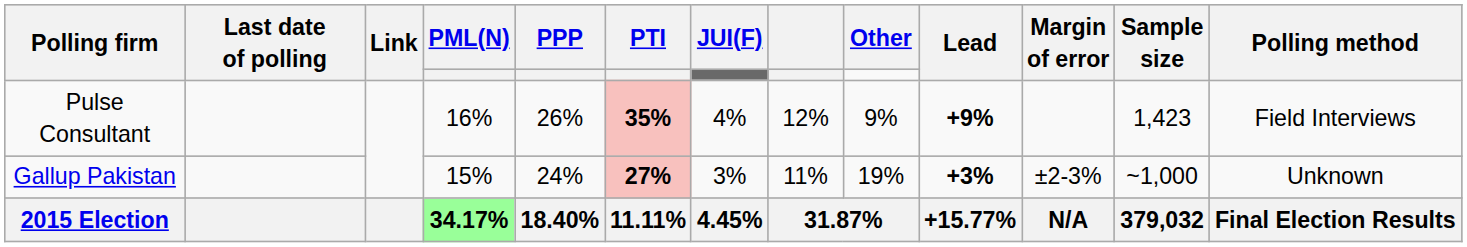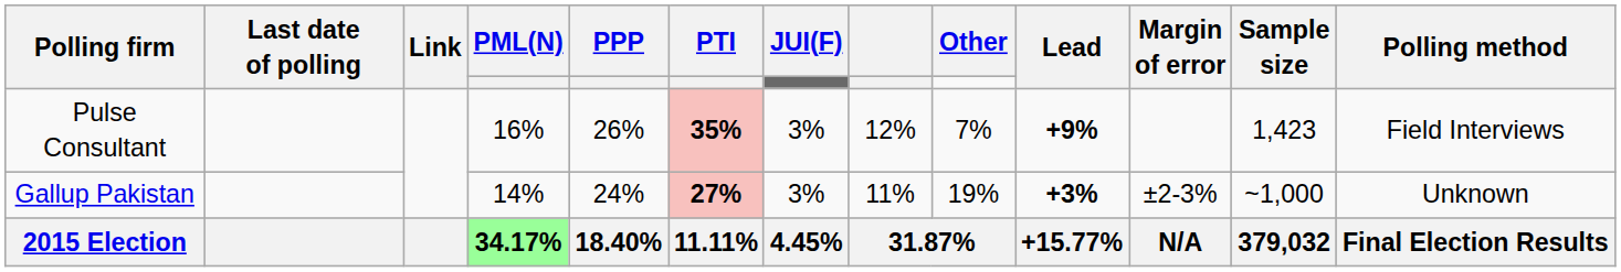 <table class="wikitable sortable" style="text-align:center;font-size:90%;line-height:20px;">
 <tr style="height:40px;">
 <th style="width:105px;" rowspan="2">Polling firm</th>
 <th style="width:105px;" rowspan="2">Last date<br>of polling</th>
 <th rowspan="2">Link</th>
 <th class="unsortable" style="width:40px;"><a href='#'>PML(N)</a></th>
 <th class="unsortable" style="width:40px;"><a href='#'>PPP</a></th>
 <th class="unsortable" style="width:40px;"><a href='#'>PTI</a></th>
 <th class="unsortable" style="width:40px;"><a href='#'>JUI(F)</a></th>
 <th class="unsortable" style="width:40px;"><a href='#'></a></th>
 <th style="width:40px;" class="unsortable"><a href='#'>Other</a></th>
 <th rowspan="2">Lead</th>
 <th rowspan="2">Margin<br>of error</th>
 <th rowspan="2">Sample<br>size</th>
 <th rowspan="2">Polling method</th>
 </tr>
 <tr>
 <th style="background:"></th>
 <th style="background:"></th>
 <th style="background:"></th>
 <th style="background:#696969;" data-sort-type="number"></th>
 <th style="background:"></th>
 </tr>
 <tr>
 <td>Pulse Consultant</td>
 <td></td>
 <td rowspan="2"></td>
 <td>16%</td>
 <td>26%</td>
 <td style="background:rgb(248, 193, 190)"><strong>35%</strong></td>
-<td>4%</td>
+<td>3%</td>
 <td>12%</td>
-<td>9%</td>
+<td>7%</td>
 <td style="background:"><span><strong>+9%</strong></span></td>
 <td></td>
 <td>1,423</td>
 <td>Field Interviews</td>
 </tr>
 <tr>
 <td><a href='#'>Gallup Pakistan</a></td>
 <td></td>
-<td>15%</td>
+<td>14%</td>
 <td>24%</td>
 <td style="background:rgb(248, 193, 190)"><strong>27%</strong></td>
 <td>3%</td>
 <td>11%</td>
 <td>19%</td>
 <td style="background:"><span><strong>+3%</strong></span></td>
 <td>±2-3%</td>
 <td>~1,000</td>
 <td>Unknown</td>
 </tr>
 <tr>
 <th><a href='#'>2015 Election</a></th>
 <th></th>
 <th></th>
 <th style="background:rgb(153, 255, 153)"><strong>34.17%</strong></th>
 <th>18.40%</th>
 <th>11.11%</th>
 <th>4.45%</th>
 <th colspan = "2">31.87%</th>
 <th style="background:"><span><strong>+15.77%</strong></span></th>
 <th>N/A</th>
 <th>379,032</th>
 <th>Final Election Results</th>
 </tr>
 </table>
